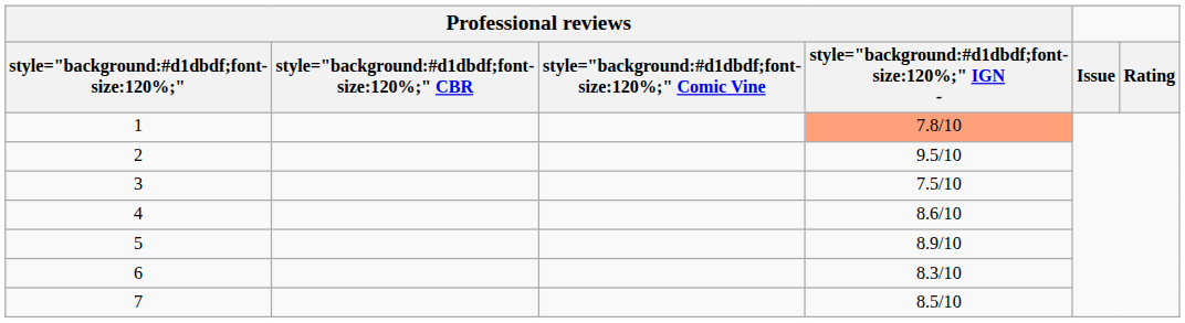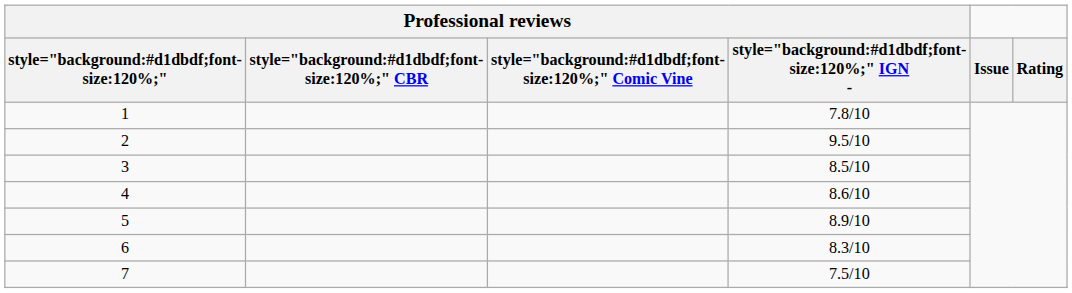 <table class="wikitable" style="float: right; width:24.2em; font-size: 80%; text-align: center; margin:0.5em 0 0.5em 1em; padding:0;" cellpadding="0" cellspacing="0">
 <tr>
 <th colspan="4" style="font-size:120%;">Professional reviews</th>
 </tr>
 <tr>
 <th>style="background:#d1dbdf;font-size:120%;" </th>
 <th>style="background:#d1dbdf;font-size:120%;"  <a href='#'>CBR</a></th>
 <th>style="background:#d1dbdf;font-size:120%;"  <a href='#'>Comic Vine</a></th>
 <th>style="background:#d1dbdf;font-size:120%;"  <a href='#'>IGN</a><br>-</th>
 <th>Issue</th>
 <th colspan="3">Rating</th>
 </tr>
 <tr>
 <td>1</td>
 <td></td>
 <td></td>
-<td style="background: lightsalmon;">7.8/10</td>
+<td>7.8/10</td>
 </tr>
 <tr>
 <td>2</td>
 <td></td>
 <td></td>
 <td>9.5/10</td>
 </tr>
 <tr>
 <td>3</td>
 <td></td>
 <td></td>
-<td>7.5/10</td>
+<td>8.5/10</td>
 </tr>
 <tr>
 <td>4</td>
 <td></td>
 <td></td>
 <td>8.6/10</td>
 </tr>
 <tr>
 <td>5</td>
 <td></td>
 <td></td>
 <td>8.9/10</td>
 </tr>
 <tr>
 <td>6</td>
 <td></td>
 <td></td>
 <td>8.3/10</td>
 </tr>
 <tr>
 <td>7</td>
 <td></td>
 <td></td>
-<td>8.5/10</td>
+<td>7.5/10</td>
 </tr>
 </table>
